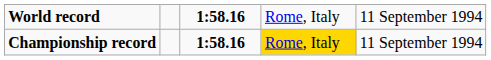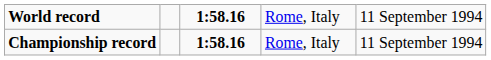 <table class="wikitable">
 <tr>
 <td><strong>World record</strong></td>
 <td style="padding-right:1em"></td>
 <td style="text-align:center;padding-left:1em; padding-right:1em;"><strong>1:58.16</strong></td>
 <td style="padding-right:1em"><a href='#'>Rome</a>, Italy</td>
 <td align=right>11 September 1994</td>
 </tr>
 <tr>
 <td><strong>Championship record</strong></td>
 <td style="padding-right:1em"></td>
 <td style="text-align:center;padding-left:1em; padding-right:1em;"><strong>1:58.16</strong></td>
-<td style="background: gold; padding-right:1em"><a href='#'>Rome</a>, Italy</td>
+<td style="padding-right:1em"><a href='#'>Rome</a>, Italy</td>
 <td align=right>11 September 1994</td>
 </tr>
 </table>
